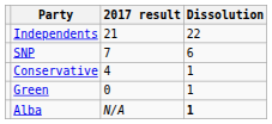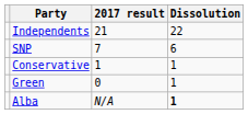 <table class="wikitable">
 <tr>
 <th></th>
 <th>Party</th>
 <th>2017 result</th>
 <th>Dissolution</th>
 </tr>
 <tr>
 <td style="background:"></td>
 <td><a href='#'>Independents</a></td>
 <td>21</td>
 <td>22</td>
 </tr>
 <tr>
 <td style="background:"></td>
 <td><a href='#'>SNP</a></td>
 <td>7</td>
 <td>6</td>
 </tr>
 <tr>
 <td style="background:"></td>
 <td><a href='#'>Conservative</a></td>
-<td>4</td>
+<td>1</td>
 <td>1</td>
 </tr>
 <tr>
 <td style="background:"></td>
 <td><a href='#'>Green</a></td>
 <td>0</td>
 <td>1</td>
 </tr>
 <tr>
 <td style="background:"></td>
 <td><a href='#'>Alba</a></td>
 <td><em>N/A</em></td>
 <td><strong>1</strong></td>
 </tr>
 </table>
